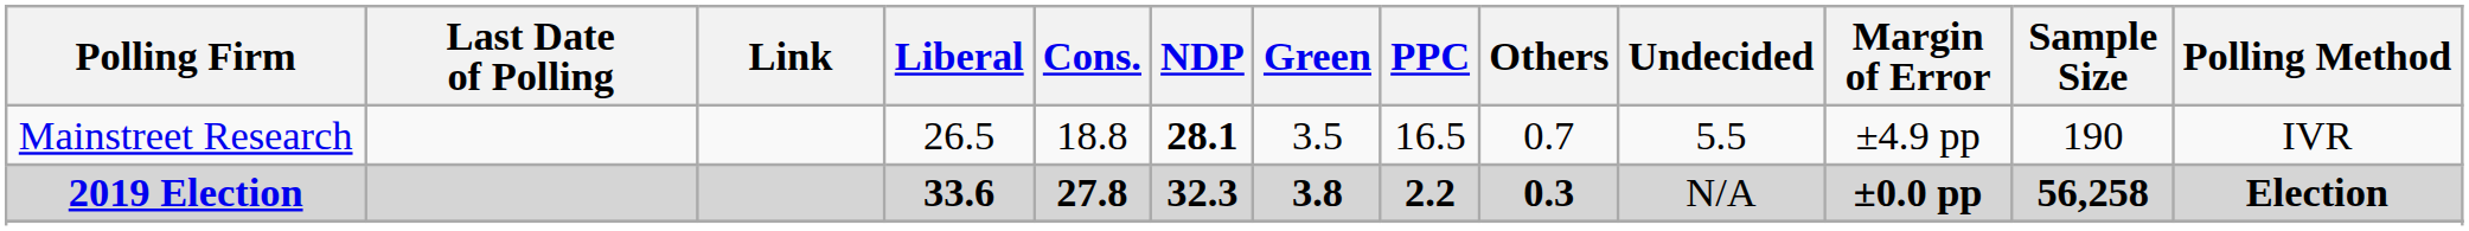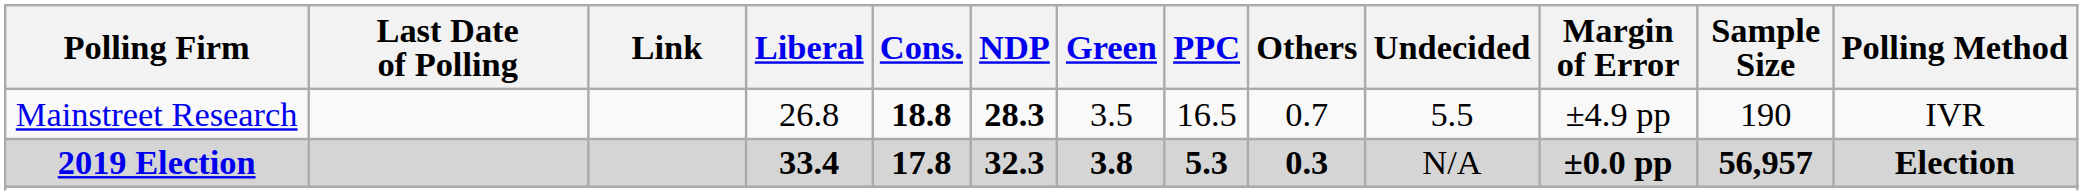 <table class="wikitable sortable" style="text-align:center;font-size:90%;line-height:14px;">
 <tr style="background:#e9e9e9;">
 <th style="width:120px">Polling Firm</th>
 <th style="width:110px">Last Date<br>of Polling</th>
 <th style="width:60px" class="unsortable">Link</th>
 <th style="background-color:"><a href='#'>Liberal</a></th>
 <th style="background-color:"><a href='#'>Cons.</a></th>
 <th style="background-color:"><a href='#'>NDP</a></th>
 <th style="background-color:"><a href='#'>Green</a></th>
 <th style="background-color:"><a href='#'><span>PPC</span></a></th>
 <th style="background-color:">Others</th>
 <th style="background-color:">Undecided</th>
 <th style="width:60px;" class=unsortable>Margin<br>of Error</th>
 <th style="width:50px;" class=unsortable>Sample<br>Size</th>
 <th class=unsortable>Polling Method</th>
 </tr>
 <tr>
 <td><a href='#'>Mainstreet Research</a></td>
 <td></td>
 <td></td>
-<td>26.5</td>
-<td>18.8</td>
-<td><strong>28.1</strong></td>
+<td>26.8</td>
+<td><strong>18.8</strong></td>
+<td><strong>28.3</strong></td>
 <td>3.5</td>
 <td>16.5</td>
 <td>0.7</td>
 <td>5.5</td>
 <td>±4.9 pp</td>
 <td>190</td>
 <td>IVR</td>
 </tr>
 <tr>
 <td style="background:#D5D5D5"><strong><a href='#'>2019 Election</a></strong></td>
 <td style="background:#D5D5D5"><strong></strong></td>
 <td style="background:#D5D5D5"></td>
-<td style="background:#D5D5D5" ><strong>33.6</strong></td>
-<td style="background:#D5D5D5"><strong>27.8</strong></td>
+<td style="background:#D5D5D5" ><strong>33.4</strong></td>
+<td style="background:#D5D5D5"><strong>17.8</strong></td>
 <td style="background:#D5D5D5"><strong>32.3</strong></td>
 <td style="background:#D5D5D5"><strong>3.8</strong></td>
-<td style="background:#D5D5D5"><strong>2.2</strong></td>
+<td style="background:#D5D5D5"><strong>5.3</strong></td>
 <td style="background:#D5D5D5"><strong>0.3</strong></td>
 <td style="background:#D5D5D5">N/A</td>
 <td style="background:#D5D5D5"><strong>±0.0 pp</strong></td>
-<td style="background:#D5D5D5"><strong>56,258</strong></td>
+<td style="background:#D5D5D5"><strong>56,957</strong></td>
 <td style="background:#D5D5D5"><strong>Election</strong></td>
 </tr>
 <tr>
 </tr>
 <tr>
 </tr>
 </table>
